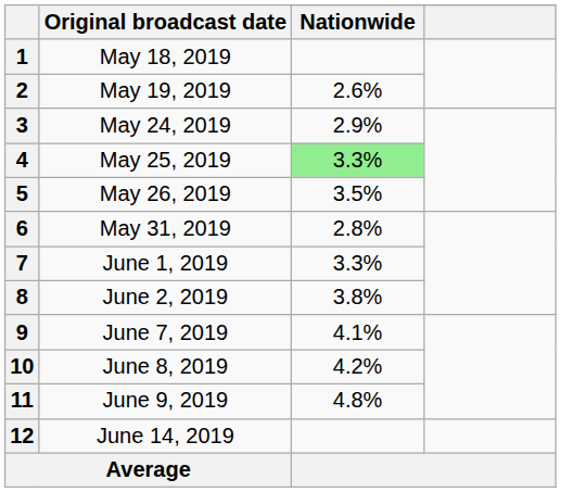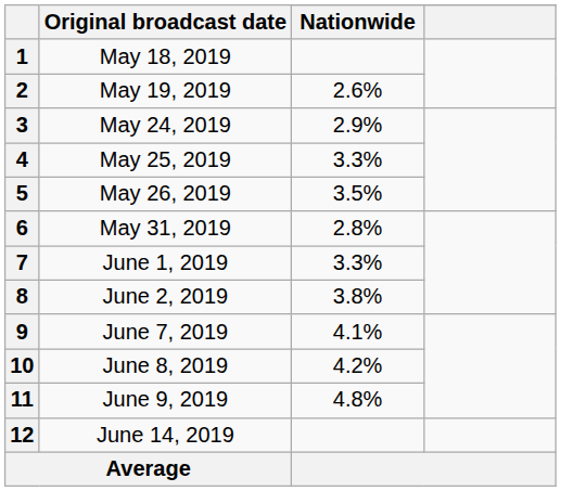 <table class="wikitable" style="text-align:center">
 <tr>
 <th rowspan="2"></th>
 <th rowspan="2">Original broadcast date</th>
 </tr>
 <tr>
 <th width="90">Nationwide</th>
 <th width="90"></th>
 </tr>
 <tr>
 <th>1</th>
 <td>May 18, 2019</td>
 <td></td>
 <td rowspan="2"></td>
 </tr>
 <tr>
 <th>2</th>
 <td>May 19, 2019</td>
 <td>2.6%</td>
 </tr>
 <tr>
 <th>3</th>
 <td>May 24, 2019</td>
 <td>2.9%</td>
 <td rowspan="3"></td>
 </tr>
 <tr>
 <th>4</th>
 <td>May 25, 2019</td>
-<td style="background: lightgreen;">3.3%</td>
+<td>3.3%</td>
 </tr>
 <tr>
 <th>5</th>
 <td>May 26, 2019</td>
 <td>3.5%</td>
 </tr>
 <tr>
 <th>6</th>
 <td>May 31, 2019</td>
 <td>2.8%</td>
 <td rowspan="3"></td>
 </tr>
 <tr>
 <th>7</th>
 <td>June 1, 2019</td>
 <td>3.3%</td>
 </tr>
 <tr>
 <th>8</th>
 <td>June 2, 2019</td>
 <td>3.8%</td>
 </tr>
 <tr>
 <th>9</th>
 <td>June 7, 2019</td>
 <td>4.1%</td>
 <td rowspan="3"></td>
 </tr>
 <tr>
 <th>10</th>
 <td>June 8, 2019</td>
 <td>4.2%</td>
 </tr>
 <tr>
 <th>11</th>
 <td>June 9, 2019</td>
 <td>4.8%</td>
 </tr>
 <tr>
 <th>12</th>
 <td>June 14, 2019</td>
 <td></td>
 <td></td>
 </tr>
 <tr>
 <th colspan="2">Average</th>
 <th colspan="2"></th>
 </tr>
 </table>
